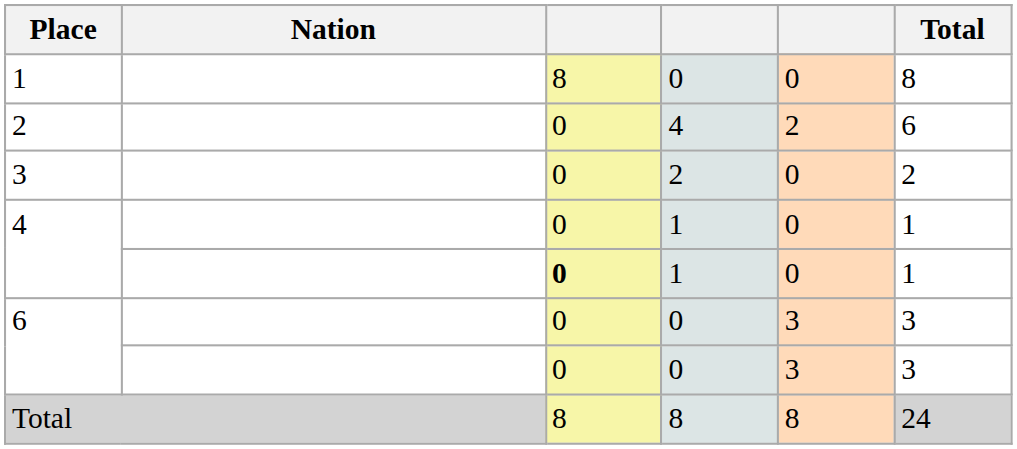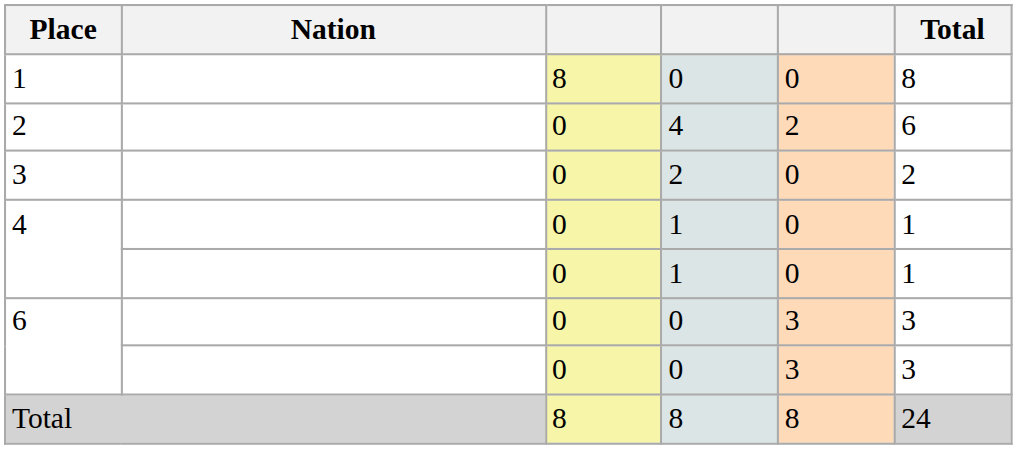 <table class=wikitable style="border:1px solid #AAAAAA;font-size:90%">
 <tr bgcolor="#EFEFEF">
 <th width=50>Place</th>
 <th width=200>Nation</th>
 <th width=50></th>
 <th width=50></th>
 <th width=50></th>
 <th width=50>Total</th>
 </tr>
 <tr valign="top" bgcolor="#FFFFFF">
 <td>1</td>
 <td align="left"></td>
 <td style="background:#F7F6A8;">8</td>
 <td style="background:#DCE5E5;">0</td>
 <td style="background:#FFDAB9;">0</td>
 <td>8</td>
 </tr>
 <tr valign="top" bgcolor="#FFFFFF">
 <td>2</td>
 <td align="left"></td>
 <td style="background:#F7F6A8;">0</td>
 <td style="background:#DCE5E5;">4</td>
 <td style="background:#FFDAB9;">2</td>
 <td>6</td>
 </tr>
 <tr valign="top" bgcolor="#FFFFFF">
 <td>3</td>
 <td align="left"></td>
 <td style="background:#F7F6A8;">0</td>
 <td style="background:#DCE5E5;">2</td>
 <td style="background:#FFDAB9;">0</td>
 <td>2</td>
 </tr>
 <tr valign="top" bgcolor="#FFFFFF">
 <td rowspan=2 v>4</td>
 <td align="left"></td>
 <td style="background:#F7F6A8;">0</td>
 <td style="background:#DCE5E5;">1</td>
 <td style="background:#FFDAB9;">0</td>
 <td>1</td>
 </tr>
 <tr valign="top" bgcolor="#FFFFFF">
 <td align="left"></td>
-<td style="background:#F7F6A8;"><strong>0</strong></td>
+<td style="background:#F7F6A8;">0</td>
 <td style="background:#DCE5E5;">1</td>
 <td style="background:#FFDAB9;">0</td>
 <td>1</td>
 </tr>
 <tr valign="top" bgcolor="#FFFFFF">
 <td rowspan=2 v>6</td>
 <td align="left"></td>
 <td style="background:#F7F6A8;">0</td>
 <td style="background:#DCE5E5;">0</td>
 <td style="background:#FFDAB9;">3</td>
 <td>3</td>
 </tr>
 <tr valign="top" bgcolor="#FFFFFF">
 <td align="left"></td>
 <td style="background:#F7F6A8;">0</td>
 <td style="background:#DCE5E5;">0</td>
 <td style="background:#FFDAB9;">3</td>
 <td>3</td>
 </tr>
 <tr>
 <td colspan=2 bgcolor=D3D3D3>Total</td>
 <td style="background:#F7F6A8;">8</td>
 <td style="background:#DCE5E5;">8</td>
 <td style="background:#FFDAB9;">8</td>
 <td bgcolor=D3D3D3>24</td>
 </tr>
 </table>
